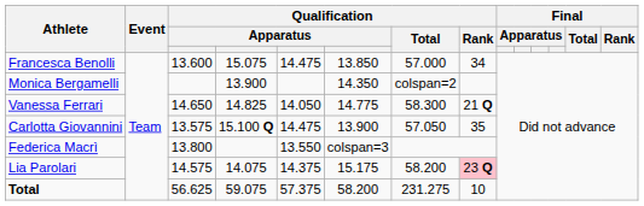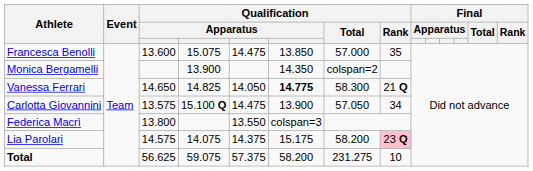 <table class="wikitable" style="font-size:90%">
 <tr>
 <th rowspan="3">Athlete</th>
 <th rowspan="3">Event</th>
 <th colspan=6>Qualification</th>
 <th colspan=6>Final</th>
 </tr>
 <tr style="font-size:95%">
 <th colspan=4>Apparatus</th>
 <th rowspan=2>Total</th>
 <th rowspan=2>Rank</th>
 <th colspan=4>Apparatus</th>
 <th rowspan=2>Total</th>
 <th rowspan=2>Rank</th>
 </tr>
 <tr style="font-size:95%">
 <th></th>
 <th></th>
 <th></th>
 <th></th>
 <th></th>
 <th></th>
 <th></th>
 <th></th>
 </tr>
 <tr align=center>
 <td align=left><a href='#'>Francesca Benolli</a></td>
 <td rowspan=7 align=left><a href='#'>Team</a></td>
 <td>13.600</td>
 <td>15.075</td>
 <td>14.475</td>
 <td>13.850</td>
 <td>57.000</td>
-<td>34</td>
+<td>35</td>
 <td rowspan=7 colspan=6>Did not advance</td>
 </tr>
 <tr align=center>
 <td align=left><a href='#'>Monica Bergamelli</a></td>
 <td></td>
 <td>13.900</td>
 <td></td>
 <td>14.350</td>
 <td>colspan=2 </td>
 </tr>
 <tr align=center>
 <td align=left><a href='#'>Vanessa Ferrari</a></td>
 <td>14.650</td>
 <td>14.825</td>
 <td>14.050</td>
-<td>14.775</td>
+<td><strong>14.775</strong></td>
 <td>58.300</td>
 <td>21 <strong>Q</strong></td>
 </tr>
 <tr align=center>
 <td align=left><a href='#'>Carlotta Giovannini</a></td>
 <td>13.575</td>
 <td>15.100 <strong>Q</strong></td>
 <td>14.475</td>
 <td>13.900</td>
 <td>57.050</td>
-<td>35</td>
+<td>34</td>
 </tr>
 <tr align=center>
 <td align=left><a href='#'>Federica Macrì</a></td>
 <td>13.800</td>
 <td></td>
 <td>13.550</td>
 <td>colspan=3 </td>
 </tr>
 <tr align=center>
 <td align=left><a href='#'>Lia Parolari</a></td>
 <td>14.575</td>
 <td>14.075</td>
 <td>14.375</td>
 <td>15.175</td>
 <td>58.200</td>
 <td style="background: pink;">23 <strong>Q</strong></td>
 </tr>
 <tr align=center>
 <td align=left><strong>Total</strong></td>
 <td>56.625</td>
 <td>59.075</td>
 <td>57.375</td>
 <td>58.200</td>
 <td>231.275</td>
 <td>10</td>
 </tr>
 </table>
